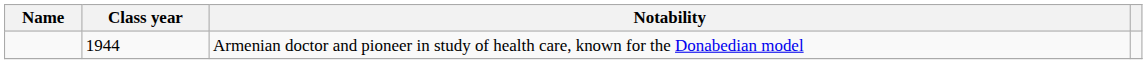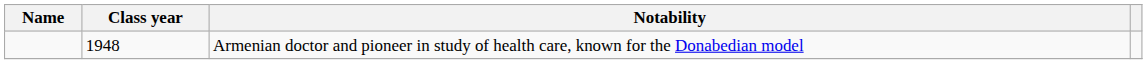 <table class="wikitable sortable" style="width:85%">
 <tr>
 <th scope="col">Name</th>
 <th scope="col">Class year</th>
 <th scope="col">Notability</th>
 <th scope="col"></th>
 </tr>
 <tr>
 <td></td>
-<td>1944</td>
+<td>1948</td>
 <td>Armenian doctor and pioneer in study of health care, known for the <a href='#'>Donabedian model</a></td>
 <td style="text-align:center;"></td>
 </tr>
 <tr>
 </tr>
 </table>
